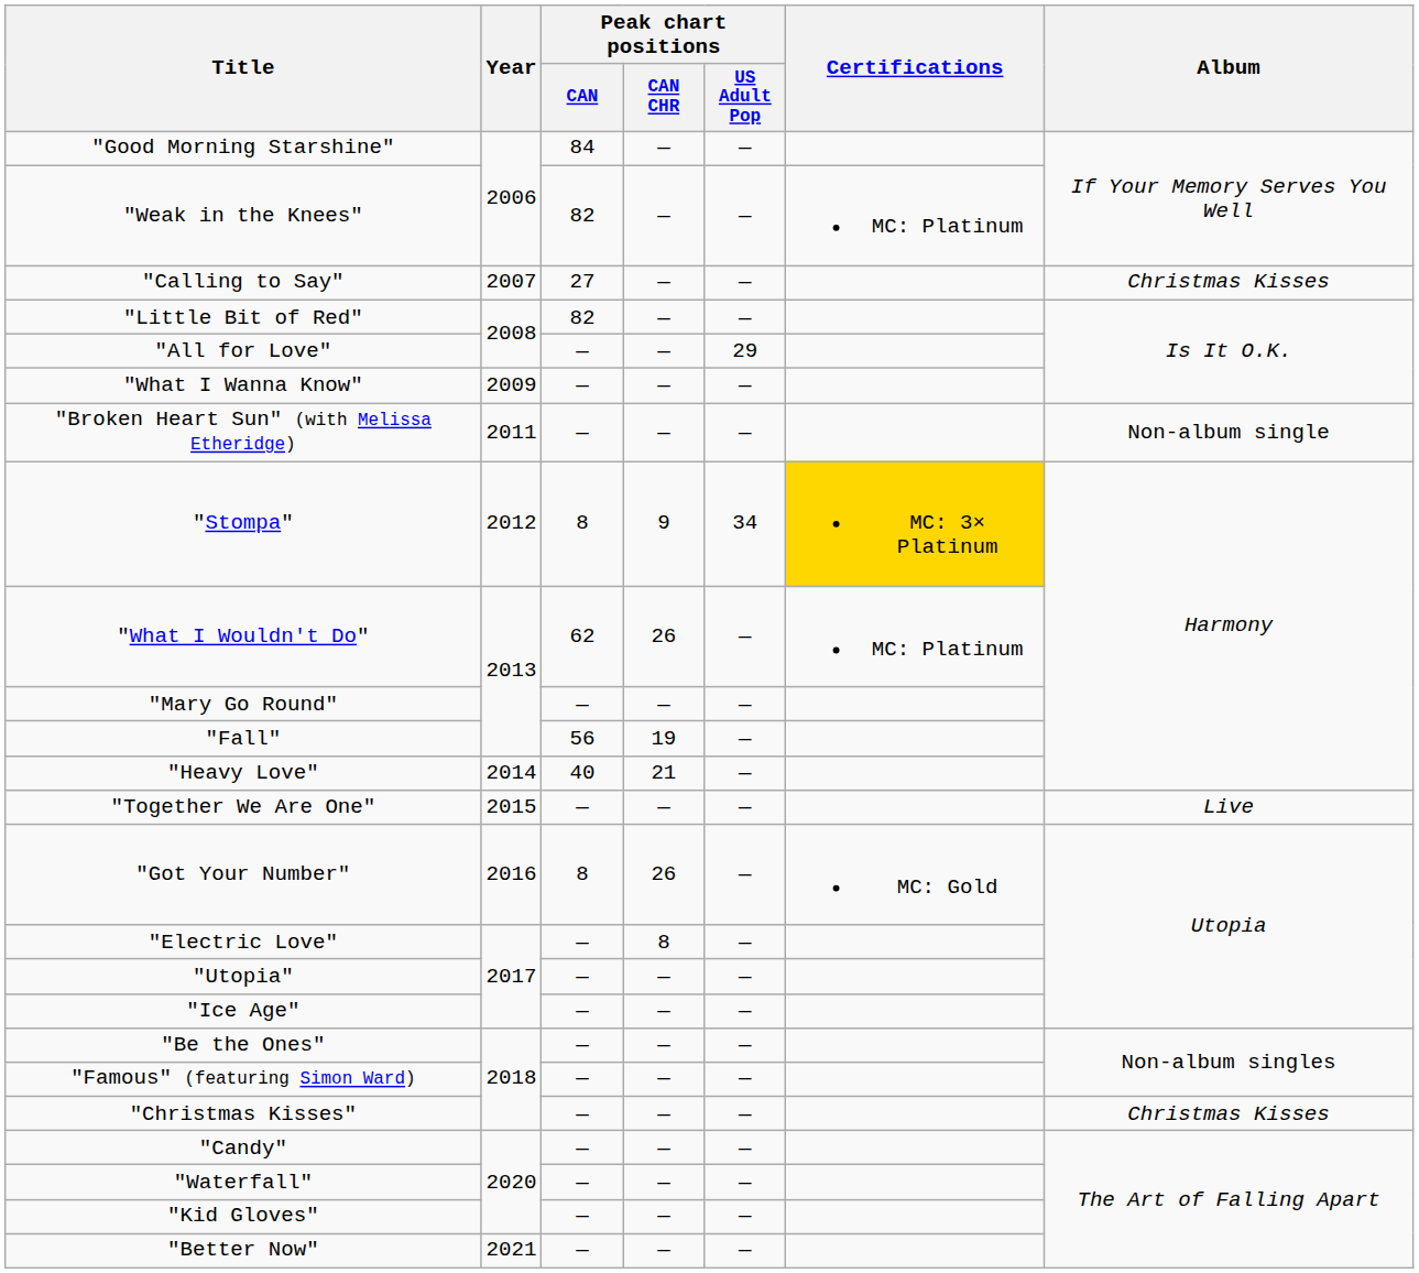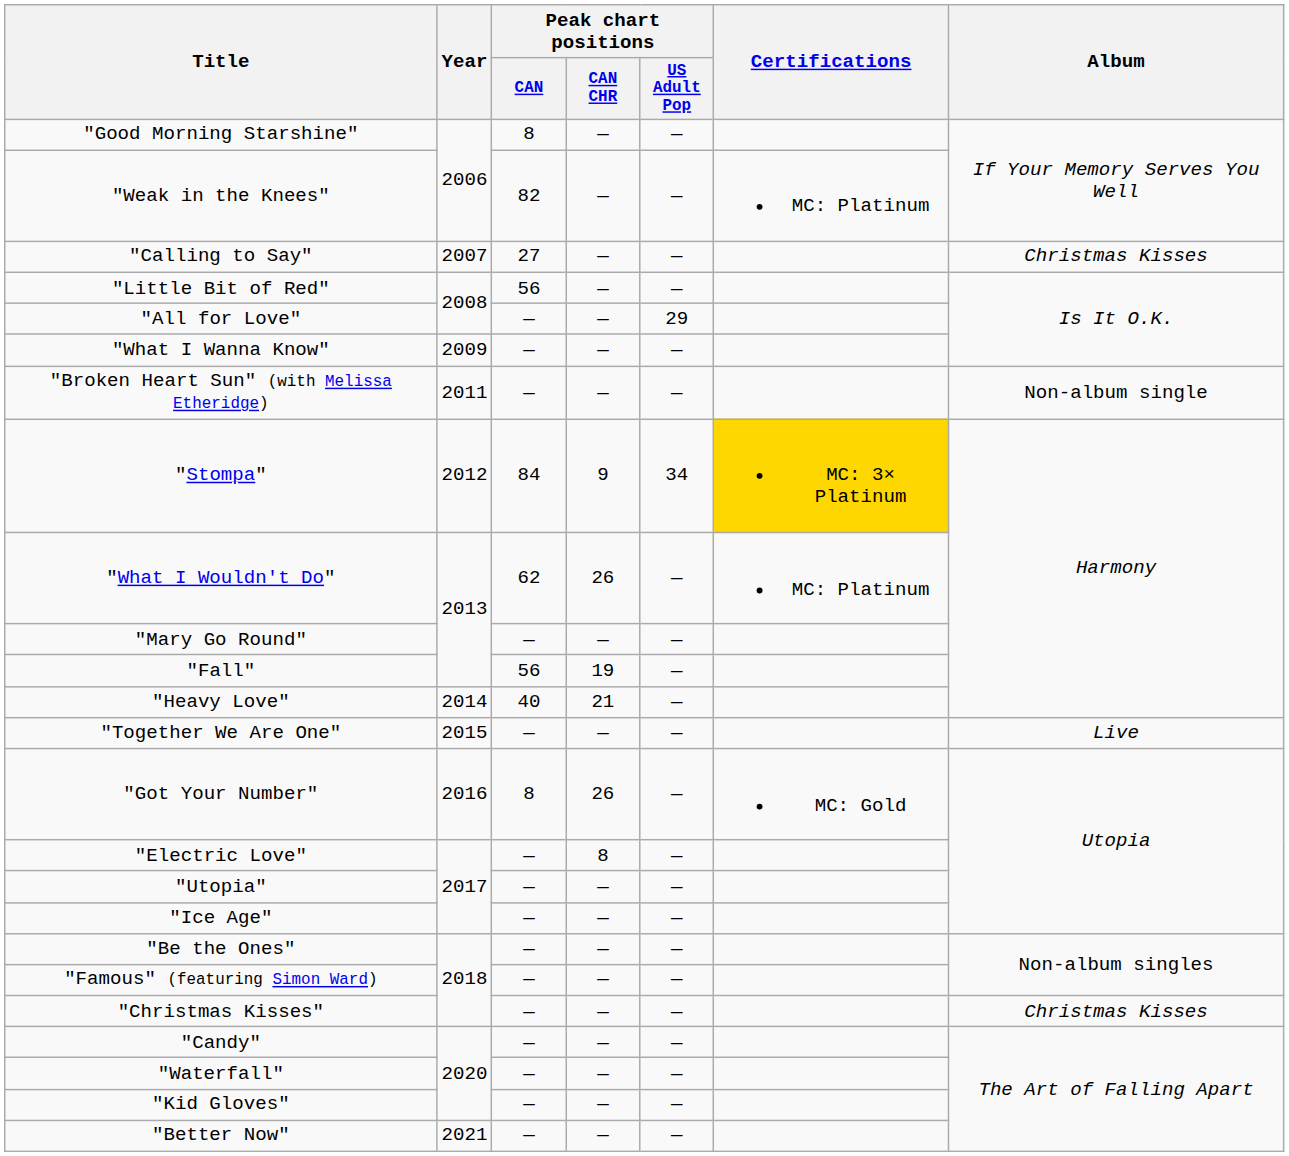 <table class="wikitable" style="text-align:center;">
 <tr>
 <th rowspan="2">Title</th>
 <th rowspan="2">Year</th>
 <th colspan="3">Peak chart positions</th>
 <th rowspan="2"><a href='#'>Certifications</a></th>
 <th rowspan="2">Album</th>
 </tr>
 <tr style="font-size:smaller;">
 <th width="45"><a href='#'>CAN</a><br></th>
 <th width="45"><a href='#'>CAN<br>CHR</a><br></th>
 <th width="45"><a href='#'>US<br>Adult<br>Pop</a><br></th>
 </tr>
 <tr>
 <td>"Good Morning Starshine"</td>
 <td rowspan=2>2006</td>
-<td>84</td>
+<td>8</td>
 <td>—</td>
 <td>—</td>
 <td></td>
 <td align="center" rowspan="2"><em>If Your Memory Serves You Well</em></td>
 </tr>
 <tr>
 <td>"Weak in the Knees"</td>
 <td>82</td>
 <td>—</td>
 <td>—</td>
 <td><br><ul><li>MC: Platinum</li></ul></td>
 </tr>
 <tr>
 <td>"Calling to Say"</td>
 <td>2007</td>
 <td>27</td>
 <td>—</td>
 <td>—</td>
 <td></td>
 <td><em>Christmas Kisses</em></td>
 </tr>
 <tr>
 <td>"Little Bit of Red"</td>
 <td rowspan=2>2008</td>
-<td>82</td>
+<td>56</td>
 <td>—</td>
 <td>—</td>
 <td></td>
 <td align="center" rowspan="3"><em>Is It O.K.</em></td>
 </tr>
 <tr>
 <td>"All for Love"</td>
 <td>—</td>
 <td>—</td>
 <td>29</td>
 <td></td>
 </tr>
 <tr>
 <td>"What I Wanna Know"</td>
 <td>2009</td>
 <td>—</td>
 <td>—</td>
 <td>—</td>
 <td></td>
 </tr>
 <tr>
 <td>"Broken Heart Sun" <small>(with <a href='#'>Melissa Etheridge</a>)</small></td>
 <td>2011</td>
 <td>—</td>
 <td>—</td>
 <td>—</td>
 <td></td>
 <td>Non-album single</td>
 </tr>
 <tr>
 <td>"<a href='#'>Stompa</a>"</td>
 <td>2012</td>
-<td>8</td>
+<td>84</td>
 <td>9</td>
 <td>34</td>
 <td style="background: gold;"><br><ul><li>MC: 3× Platinum</li></ul></td>
 <td align="center" rowspan="5"><em>Harmony</em></td>
 </tr>
 <tr>
 <td>"<a href='#'>What I Wouldn't Do</a>"</td>
 <td rowspan="3">2013</td>
 <td>62</td>
 <td>26</td>
 <td>—</td>
 <td><br><ul><li>MC: Platinum</li></ul></td>
 </tr>
 <tr>
 <td>"Mary Go Round"</td>
 <td>—</td>
 <td>—</td>
 <td>—</td>
 <td></td>
 </tr>
 <tr>
 <td>"Fall"</td>
 <td>56</td>
 <td>19</td>
 <td>—</td>
 <td></td>
 </tr>
 <tr>
 <td>"Heavy Love"</td>
 <td>2014</td>
 <td>40</td>
 <td>21</td>
 <td>—</td>
 <td></td>
 </tr>
 <tr>
 <td>"Together We Are One"</td>
 <td>2015</td>
 <td>—</td>
 <td>—</td>
 <td>—</td>
 <td></td>
 <td align="center"><em>Live</em></td>
 </tr>
 <tr>
 <td>"Got Your Number"</td>
 <td>2016</td>
 <td>8</td>
 <td>26</td>
 <td>—</td>
 <td><br><ul><li>MC: Gold</li></ul></td>
 <td rowspan="4" align="center"><em>Utopia</em></td>
 </tr>
 <tr>
 <td>"Electric Love"</td>
 <td rowspan="3">2017</td>
 <td>—</td>
 <td>8</td>
 <td>—</td>
 <td></td>
 </tr>
 <tr>
 <td>"Utopia"</td>
 <td>—</td>
 <td>—</td>
 <td>—</td>
 <td></td>
 </tr>
 <tr>
 <td>"Ice Age"</td>
 <td>—</td>
 <td>—</td>
 <td>—</td>
 <td></td>
 </tr>
 <tr>
 <td>"Be the Ones"</td>
 <td rowspan="3">2018</td>
 <td>—</td>
 <td>—</td>
 <td>—</td>
 <td></td>
 <td rowspan="2">Non-album singles</td>
 </tr>
 <tr>
 <td>"Famous" <small>(featuring <a href='#'> Simon Ward</a>)</small></td>
 <td>—</td>
 <td>—</td>
 <td>—</td>
 <td></td>
 </tr>
 <tr>
 <td>"Christmas Kisses"</td>
 <td>—</td>
 <td>—</td>
 <td>—</td>
 <td></td>
 <td><em>Christmas Kisses</em></td>
 </tr>
 <tr>
 <td>"Candy"</td>
 <td rowspan="3">2020</td>
 <td>—</td>
 <td>—</td>
 <td>—</td>
 <td></td>
 <td rowspan="4"><em>The Art of Falling Apart</em></td>
 </tr>
 <tr>
 <td>"Waterfall"</td>
 <td>—</td>
 <td>—</td>
 <td>—</td>
 <td></td>
 </tr>
 <tr>
 <td>"Kid Gloves"</td>
 <td>—</td>
 <td>—</td>
 <td>—</td>
 <td></td>
 </tr>
 <tr>
 <td>"Better Now"</td>
 <td>2021</td>
 <td>—</td>
 <td>—</td>
 <td>—</td>
 <td></td>
 </tr>
 </table>
